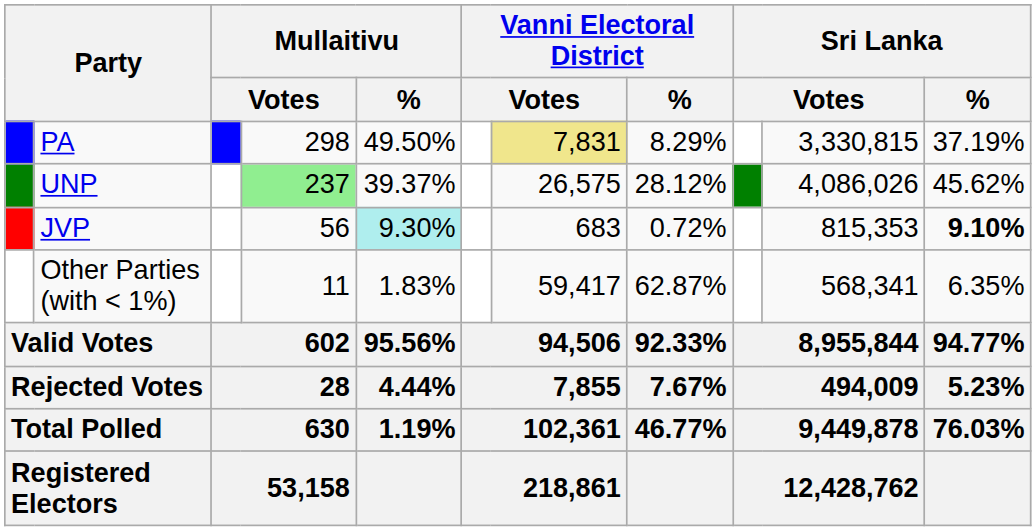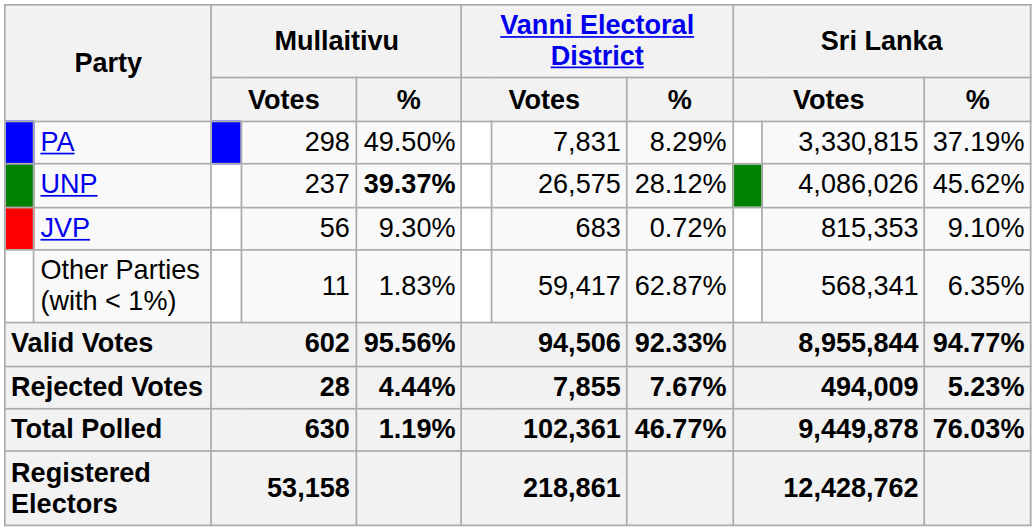 <table class="wikitable">
 <tr>
 <th colspan="2" width="144px"rowspan="2">Party</th>
 <th colspan="3" width="216px">Mullaitivu</th>
 <th colspan="3" width="216px"><a href='#'>Vanni Electoral District</a></th>
 <th colspan="3" width="216px">Sri Lanka</th>
 </tr>
 <tr>
 <th colspan="2" width="144px">Votes</th>
 <th>%</th>
 <th colspan="2" width="144px">Votes</th>
 <th>%</th>
 <th colspan="2" width="144px">Votes</th>
 <th>%</th>
 </tr>
 <tr>
 <td style="background-color:blue;" width="10px"></td>
 <td style="text-align:left;"><a href='#'>PA</a></td>
 <td style="background-color:blue;" width="10px"></td>
 <td style="text-align:right;">298</td>
 <td style="text-align:right;">49.50%</td>
 <td style="background-color:white;" width="10px"></td>
-<td style="background: khaki; text-align:right;">7,831</td>
+<td style="text-align:right;">7,831</td>
 <td style="text-align:right;">8.29%</td>
 <td style="background-color:white;" width="10px"></td>
 <td style="text-align:right;">3,330,815</td>
 <td style="text-align:right;">37.19%</td>
 </tr>
 <tr>
 <td style="background-color:green;" width="10px"></td>
 <td style="text-align:left;"><a href='#'>UNP</a></td>
 <td style="background-color:white;" width="10px"></td>
-<td style="background: lightgreen; text-align:right;">237</td>
-<td style="text-align:right;">39.37%</td>
+<td style="text-align:right;">237</td>
+<td style="text-align:right;"><strong>39.37%</strong></td>
 <td style="background-color:white;" width="10px"></td>
 <td style="text-align:right;">26,575</td>
 <td style="text-align:right;">28.12%</td>
 <td style="background-color:green;" width="10px"></td>
 <td style="text-align:right;">4,086,026</td>
 <td style="text-align:right;">45.62%</td>
 </tr>
 <tr>
 <td style="background-color:red;" width="10px"></td>
 <td style="text-align:left;"><a href='#'>JVP</a></td>
 <td style="background-color:white;" width="10px"></td>
 <td style="text-align:right;">56</td>
-<td style="background: paleturquoise; text-align:right;">9.30%</td>
+<td style="text-align:right;">9.30%</td>
 <td style="background-color:white;" width="10px"></td>
 <td style="text-align:right;">683</td>
 <td style="text-align:right;">0.72%</td>
 <td style="background-color:white;" width="10px"></td>
 <td style="text-align:right;">815,353</td>
-<td style="text-align:right;"><strong>9.10%</strong></td>
+<td style="text-align:right;">9.10%</td>
 </tr>
 <tr>
 <td style="background-color:white;" width="10px"></td>
 <td style="text-align:left;">Other Parties (with < 1%)</td>
 <td style="background-color:white;" width="10px"></td>
 <td style="text-align:right;">11</td>
 <td style="text-align:right;">1.83%</td>
 <td style="background-color:white;" width="10px"></td>
 <td style="text-align:right;">59,417</td>
 <td style="text-align:right;">62.87%</td>
 <td style="background-color:white;" width="10px"></td>
 <td style="text-align:right;">568,341</td>
 <td style="text-align:right;">6.35%</td>
 </tr>
 <tr>
 <th colspan="2" width="144px"style="text-align:left;">Valid Votes</th>
 <th style="text-align:right;"colspan="2" width="144px">602</th>
 <th style="text-align:right;">95.56%</th>
 <th style="text-align:right;"colspan="2" width="144px">94,506</th>
 <th style="text-align:right;">92.33%</th>
 <th style="text-align:right;"colspan="2" width="144px">8,955,844</th>
 <th style="text-align:right;">94.77%</th>
 </tr>
 <tr>
 <th colspan="2" width="144px"style="text-align:left;">Rejected Votes</th>
 <th style="text-align:right;"colspan="2" width="144px">28</th>
 <th style="text-align:right;">4.44%</th>
 <th style="text-align:right;"colspan="2" width="144px">7,855</th>
 <th style="text-align:right;">7.67%</th>
 <th style="text-align:right;"colspan="2" width="144px">494,009</th>
 <th style="text-align:right;">5.23%</th>
 </tr>
 <tr>
 <th colspan="2" width="144px"style="text-align:left;">Total Polled</th>
 <th style="text-align:right;"colspan="2" width="144px">630</th>
 <th style="text-align:right;">1.19%</th>
 <th style="text-align:right;"colspan="2" width="144px">102,361</th>
 <th style="text-align:right;">46.77%</th>
 <th style="text-align:right;"colspan="2" width="144px">9,449,878</th>
 <th style="text-align:right;">76.03%</th>
 </tr>
 <tr>
 <th colspan="2" width="144px"style="text-align:left;">Registered Electors</th>
 <th style="text-align:right;"colspan="2" width="144px">53,158</th>
 <th></th>
 <th style="text-align:right;"colspan="2" width="144px">218,861</th>
 <th></th>
 <th style="text-align:right;"colspan="2" width="144px">12,428,762</th>
 <th></th>
 </tr>
 </table>
